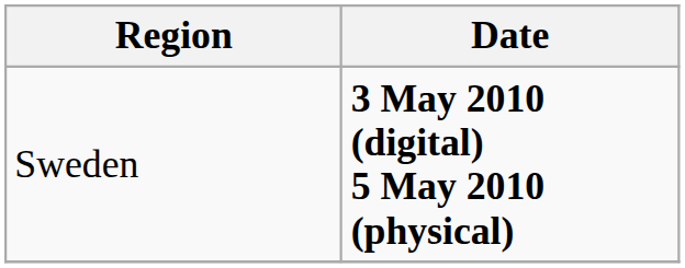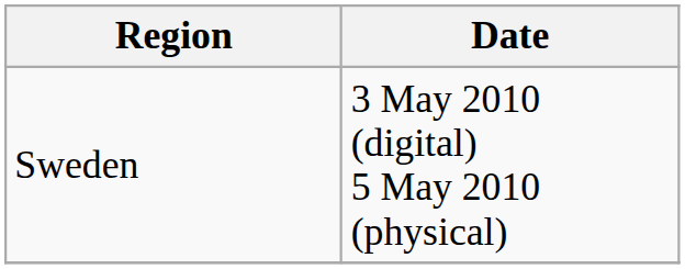 <table class="wikitable">
 <tr>
 <th width="130">Region</th>
 <th width="130">Date</th>
 </tr>
 <tr>
 <td>Sweden</td>
-<td><strong>3 May 2010 (digital) <br> 5 May 2010 (physical)</strong></td>
+<td>3 May 2010 (digital) <br> 5 May 2010 (physical)</td>
 </tr>
 <tr>
 </tr>
 </table>
